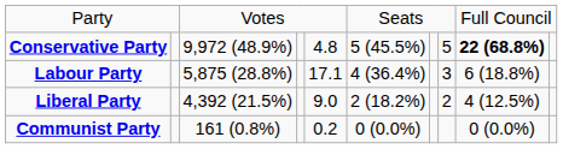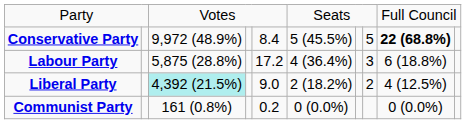 <table class=wikitable style="text-align:center;">
 <tr>
 <td colspan=2>Party</td>
 <td colspan=3>Votes</td>
 <td colspan=3>Seats</td>
 <td colspan=3>Full Council</td>
 </tr>
 <tr>
 <td><strong><a href='#'>Conservative Party</a></strong></td>
 <td style="background:"></td>
 <td>9,972 (48.9%)</td>
 <td></td>
-<td> 4.8</td>
+<td> 8.4</td>
 <td>5 (45.5%)</td>
 <td></td>
 <td> 5</td>
 <td><strong>22 (68.8%)</strong></td>
 <td></td>
 </tr>
 <tr>
 <td><strong><a href='#'>Labour Party</a></strong></td>
 <td style="background:"></td>
 <td>5,875 (28.8%)</td>
 <td></td>
-<td> 17.1</td>
+<td> 17.2</td>
 <td>4 (36.4%)</td>
 <td></td>
 <td> 3</td>
 <td>6 (18.8%)</td>
 <td></td>
 </tr>
 <tr>
 <td><strong><a href='#'>Liberal Party</a></strong></td>
 <td style="background:"></td>
-<td>4,392 (21.5%)</td>
+<td style="background: paleturquoise;">4,392 (21.5%)</td>
 <td></td>
 <td> 9.0</td>
 <td>2 (18.2%)</td>
 <td></td>
 <td> 2</td>
 <td>4 (12.5%)</td>
 <td></td>
 </tr>
 <tr>
 <td><strong><a href='#'>Communist Party</a></strong></td>
 <td style="background:"></td>
 <td>161 (0.8%)</td>
 <td></td>
 <td> 0.2</td>
 <td>0 (0.0%)</td>
 <td></td>
 <td></td>
 <td>0 (0.0%)</td>
 <td></td>
 </tr>
 </table>
